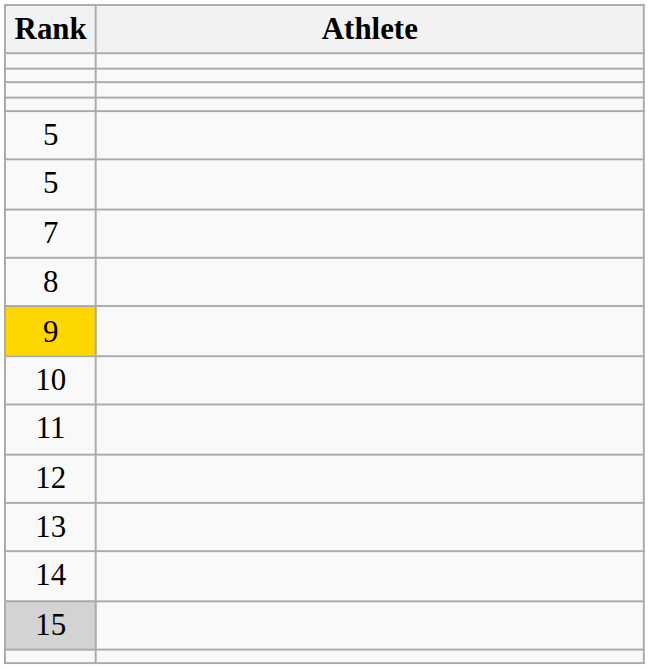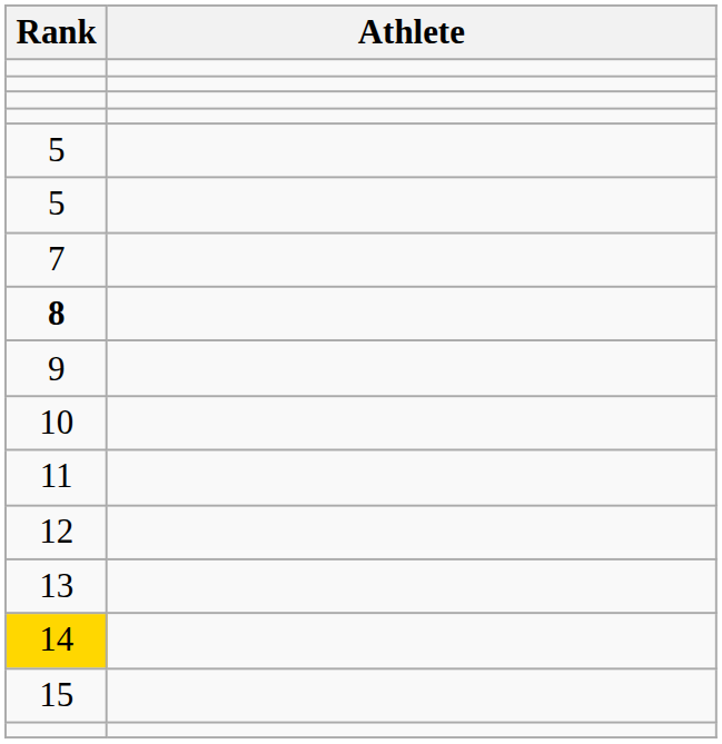 <table class="wikitable" style="text-align: center;">
 <tr>
 <th width=40>Rank</th>
 <th width=276>Athlete</th>
 </tr>
 <tr>
 <td></td>
 <td align="left"></td>
 </tr>
 <tr>
 <td></td>
 <td align="left"></td>
 </tr>
 <tr>
 <td></td>
 <td align="left"></td>
 </tr>
 <tr>
 <td></td>
 <td align="left"></td>
 </tr>
 <tr>
 <td>5</td>
 <td align="left"></td>
 </tr>
 <tr>
 <td>5</td>
 <td align="left"></td>
 </tr>
 <tr>
 <td>7</td>
 <td align="left"></td>
 </tr>
 <tr>
-<td>8</td>
+<td><strong>8</strong></td>
 <td align="left"></td>
 </tr>
 <tr>
-<td style="background: gold;">9</td>
+<td>9</td>
 <td align="left"></td>
 </tr>
 <tr>
 <td>10</td>
 <td align="left"></td>
 </tr>
 <tr>
 <td>11</td>
 <td align="left"></td>
 </tr>
 <tr>
 <td>12</td>
 <td align="left"></td>
 </tr>
 <tr>
 <td>13</td>
 <td align="left"></td>
 </tr>
 <tr>
-<td>14</td>
+<td style="background: gold;">14</td>
 <td align="left"></td>
 </tr>
 <tr>
-<td style="background: lightgrey;">15</td>
+<td>15</td>
 <td align="left"></td>
 </tr>
 <tr>
 <td></td>
 <td align="left"></td>
 </tr>
 </table>
